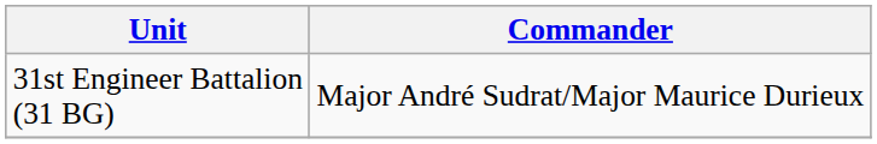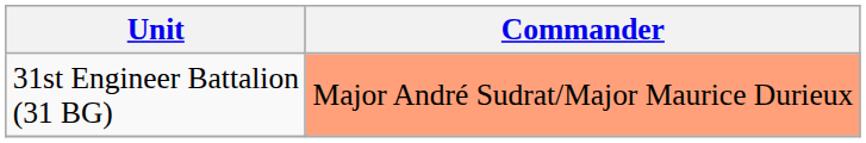 <table class="wikitable">
 <tr>
 <th><strong><a href='#'>Unit</a></strong></th>
 <th><strong><a href='#'>Commander</a></strong></th>
 </tr>
 <tr>
 <td>31st Engineer Battalion<br> (31 BG)</td>
-<td>Major André Sudrat/Major Maurice Durieux</td>
+<td style="background: lightsalmon;">Major André Sudrat/Major Maurice Durieux</td>
 </tr>
 <tr>
 </tr>
 </table>
